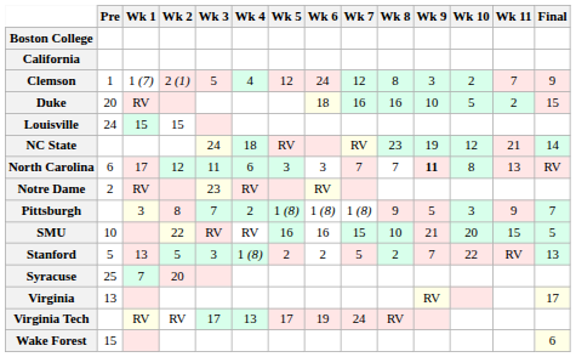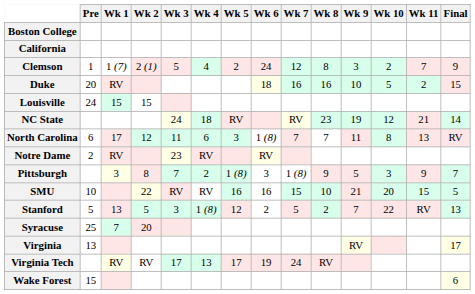 <table class="wikitable" style="white-space:nowrap;font-size:90%;">
 <tr>
 <th colspan=1 style="background:white; border-top-style:hidden; border-left-style:hidden;"> </th>
 <th>Pre <br></th>
 <th>Wk 1 <br></th>
 <th>Wk 2 <br></th>
 <th>Wk 3 <br></th>
 <th>Wk 4 <br></th>
 <th>Wk 5 <br></th>
 <th>Wk 6 <br></th>
 <th>Wk 7 <br></th>
 <th>Wk 8 <br></th>
 <th>Wk 9 <br></th>
 <th>Wk 10 <br></th>
 <th>Wk 11 <br></th>
 <th>Final <br></th>
 </tr>
 <tr style="text-align:center;">
 <th>Boston College</th>
 <td style="background:#FFF;"></td>
 <td style="background:#FFF;"></td>
 <td style="background:#FFF;"></td>
 <td style="background:#FFF;"></td>
 <td style="background:#FFF;"></td>
 <td style="background:#FFF;"></td>
 <td style="background:#FFF;"></td>
 <td style="background:#FFF;"></td>
 <td style="background:#FFF;"></td>
 <td style="background:#FFF;"></td>
 <td style="background:#FFF;"></td>
 <td style="background:#FFF;"></td>
 <td style="background:#FFF;"></td>
 </tr>
 <tr style="text-align:center;">
 <th>California</th>
 <td style="background:#FFF;"></td>
 <td style="background:#FFF;"></td>
 <td style="background:#FFF;"></td>
 <td style="background:#FFF;"></td>
 <td style="background:#FFF;"></td>
 <td style="background:#FFF;"></td>
 <td style="background:#FFF;"></td>
 <td style="background:#FFF;"></td>
 <td style="background:#FFF;"></td>
 <td style="background:#FFF;"></td>
 <td style="background:#FFF;"></td>
 <td style="background:#FFF;"></td>
 <td style="background:#FFF;"></td>
 </tr>
 <tr style="text-align:center;">
 <th>Clemson</th>
 <td style="background:#FFF;"> 1</td>
 <td style="background:#FFF;"> 1 <em>(7)</em></td>
 <td style="background:#FFE6E6;"> 2 <em>(1)</em></td>
 <td style="background:#FFE6E6;"> 5</td>
 <td style="background:#D8FFEB;"> 4</td>
-<td style="background:#FFE6E6;"> 12</td>
+<td style="background:#FFE6E6;"> 2</td>
 <td style="background:#FFE6E6;"> 24</td>
 <td style="background:#D8FFEB;"> 12</td>
 <td style="background:#D8FFEB;"> 8</td>
 <td style="background:#D8FFEB;"> 3</td>
 <td style="background:#D8FFEB;"> 2</td>
 <td style="background:#FFE6E6;"> 7</td>
 <td style="background:#FFE6E6;"> 9</td>
 </tr>
 <tr style="text-align:center;">
 <th>Duke</th>
 <td style="background:#FFF;"> 20</td>
 <td style="background:#FFE6E6;"> RV</td>
 <td style="background:#FFE6E6;"></td>
 <td style="background:#FFF;"></td>
 <td style="background:#FFF;"></td>
 <td style="background:#FFF;"></td>
 <td style="background:#FFFFE6;"> 18</td>
 <td style="background:#D8FFEB;"> 16</td>
 <td style="background:#D8FFEB;"> 16</td>
 <td style="background:#D8FFEB;"> 10</td>
 <td style="background:#D8FFEB;"> 5</td>
 <td style="background:#D8FFEB;"> 2</td>
 <td style="background:#FFE6E6;"> 15</td>
 </tr>
 <tr style="text-align:center;">
 <th>Louisville</th>
 <td style="background:#FFF;"> 24</td>
 <td style="background:#D8FFEB;"> 15</td>
 <td style="background:#FFF;"> 15</td>
 <td style="background:#FFE6E6;"></td>
 <td style="background:#FFF;"></td>
 <td style="background:#FFF;"></td>
 <td style="background:#FFF;"></td>
 <td style="background:#FFF;"></td>
 <td style="background:#FFF;"></td>
 <td style="background:#FFF;"></td>
 <td style="background:#FFF;"></td>
 <td style="background:#FFF;"></td>
 <td style="background:#FFF;"></td>
 </tr>
 <tr style="text-align:center;">
 <th>NC State</th>
 <td style="background:#FFF;"></td>
 <td style="background:#FFF;"></td>
 <td style="background:#FFF;"></td>
 <td style="background:#FFFFE6;"> 24</td>
 <td style="background:#D8FFEB;"> 18</td>
 <td style="background:#FFE6E6;"> RV</td>
 <td style="background:#FFE6E6;"></td>
 <td style="background:#FFFFE6;"> RV</td>
 <td style="background:#D8FFEB;"> 23</td>
 <td style="background:#D8FFEB;"> 19</td>
 <td style="background:#D8FFEB;"> 12</td>
 <td style="background:#FFE6E6;"> 21</td>
 <td style="background:#D8FFEB;"> 14</td>
 </tr>
 <tr style="text-align:center;">
 <th>North Carolina</th>
 <td style="background:#FFF;"> 6</td>
 <td style="background:#FFE6E6;"> 17</td>
 <td style="background:#D8FFEB;"> 12</td>
 <td style="background:#D8FFEB;"> 11</td>
 <td style="background:#D8FFEB;"> 6</td>
 <td style="background:#D8FFEB;"> 3</td>
-<td style="background:#FFF;"> 3</td>
+<td style="background:#FFF;"> 1 <em>(8)</em></td>
 <td style="background:#FFE6E6;"> 7</td>
 <td style="background:#FFF;"> 7</td>
-<td style="background:#FFE6E6;"><strong> 11</strong></td>
+<td style="background:#FFE6E6;"> 11</td>
 <td style="background:#D8FFEB;"> 8</td>
 <td style="background:#FFE6E6;"> 13</td>
 <td style="background:#FFE6E6;"> RV</td>
 </tr>
 <tr style="text-align:center;">
 <th>Notre Dame</th>
 <td style="background:#FFF;"> 2</td>
 <td style="background:#FFE6E6;"> RV</td>
 <td style="background:#FFE6E6;"></td>
 <td style="background:#FFFFE6;"> 23</td>
 <td style="background:#FFE6E6;"> RV</td>
 <td style="background:#FFE6E6;"></td>
 <td style="background:#FFFFE6;"> RV</td>
 <td style="background:#FFE6E6;"></td>
 <td style="background:#FFF;"></td>
 <td style="background:#FFF;"></td>
 <td style="background:#FFF;"></td>
 <td style="background:#FFF;"></td>
 <td style="background:#FFF;"></td>
 </tr>
 <tr style="text-align:center;">
 <th>Pittsburgh</th>
 <td style="background:#FFF;"></td>
 <td style="background:#FFFFE6;"> 3</td>
 <td style="background:#FFE6E6;"> 8</td>
 <td style="background:#D8FFEB;"> 7</td>
 <td style="background:#D8FFEB;"> 2</td>
 <td style="background:#D8FFEB;"> 1 <em>(8)</em></td>
-<td style="background:#FFF;"> 1 <em>(8)</em></td>
+<td style="background:#FFF;"> 3</td>
 <td style="background:#FFF;"> 1 <em>(8)</em></td>
 <td style="background:#FFE6E6;"> 9</td>
 <td style="background:#FFE6E6;"> 5</td>
 <td style="background:#D8FFEB;"> 3</td>
 <td style="background:#FFE6E6;"> 9</td>
 <td style="background:#D8FFEB;"> 7</td>
 </tr>
 <tr style="text-align:center;">
 <th>SMU</th>
 <td style="background:#FFF;"> 10</td>
 <td style="background:#FFE6E6;"></td>
 <td style="background:#FFFFE6;"> 22</td>
 <td style="background:#FFE6E6;"> RV</td>
 <td style="background:#FFF;"> RV</td>
 <td style="background:#D8FFEB;"> 16</td>
 <td style="background:#FFF;"> 16</td>
 <td style="background:#D8FFEB;"> 15</td>
 <td style="background:#D8FFEB;"> 10</td>
 <td style="background:#FFE6E6;"> 21</td>
 <td style="background:#D8FFEB;"> 20</td>
 <td style="background:#D8FFEB;"> 15</td>
 <td style="background:#D8FFEB;"> 5</td>
 </tr>
 <tr style="text-align:center;">
 <th>Stanford</th>
 <td style="background:#FFF;"> 5</td>
 <td style="background:#FFE6E6;"> 13</td>
 <td style="background:#D8FFEB;"> 5</td>
 <td style="background:#D8FFEB;"> 3</td>
 <td style="background:#D8FFEB;"> 1 <em>(8)</em></td>
-<td style="background:#FFE6E6;"> 2</td>
+<td style="background:#FFE6E6;"> 12</td>
 <td style="background:#FFF;"> 2</td>
 <td style="background:#FFE6E6;"> 5</td>
 <td style="background:#D8FFEB;"> 2</td>
 <td style="background:#FFE6E6;"> 7</td>
 <td style="background:#FFE6E6;"> 22</td>
 <td style="background:#FFE6E6;"> RV</td>
 <td style="background:#D8FFEB;"> 13</td>
 </tr>
 <tr style="text-align:center;">
 <th>Syracuse</th>
 <td style="background:#FFF;"> 25</td>
 <td style="background:#D8FFEB;"> 7</td>
 <td style="background:#FFE6E6;"> 20</td>
 <td style="background:#FFE6E6;"></td>
 <td style="background:#FFF;"></td>
 <td style="background:#FFF;"></td>
 <td style="background:#FFF;"></td>
 <td style="background:#FFF;"></td>
 <td style="background:#FFF;"></td>
 <td style="background:#FFF;"></td>
 <td style="background:#FFF;"></td>
 <td style="background:#FFF;"></td>
 <td style="background:#FFF;"></td>
 </tr>
 <tr style="text-align:center;">
 <th>Virginia</th>
 <td style="background:#FFF;"> 13</td>
 <td style="background:#FFE6E6;"></td>
 <td style="background:#FFF;"></td>
 <td style="background:#FFF;"></td>
 <td style="background:#FFF;"></td>
 <td style="background:#FFF;"></td>
 <td style="background:#FFF;"></td>
 <td style="background:#FFF;"></td>
 <td style="background:#FFF;"></td>
 <td style="background:#FFFFE6;"> RV</td>
 <td style="background:#FFE6E6;"></td>
 <td style="background:#FFF;"></td>
 <td style="background:#FFFFE6;"> 17</td>
 </tr>
 <tr style="text-align:center;">
 <th>Virginia Tech</th>
 <td style="background:#FFF;"></td>
 <td style="background:#FFFFE6;"> RV</td>
 <td style="background:#FFF;"> RV</td>
 <td style="background:#D8FFEB;"> 17</td>
 <td style="background:#D8FFEB;"> 13</td>
 <td style="background:#FFE6E6;"> 17</td>
 <td style="background:#FFE6E6;"> 19</td>
 <td style="background:#FFE6E6;"> 24</td>
 <td style="background:#FFE6E6;"> RV</td>
 <td style="background:#FFE6E6;"></td>
 <td style="background:#FFF;"></td>
 <td style="background:#FFF;"></td>
 <td style="background:#FFF;"></td>
 </tr>
 <tr style="text-align:center;">
 <th>Wake Forest</th>
 <td style="background:#FFF;"> 15</td>
 <td style="background:#FFE6E6;"></td>
 <td style="background:#FFF;"></td>
 <td style="background:#FFF;"></td>
 <td style="background:#FFF;"></td>
 <td style="background:#FFF;"></td>
 <td style="background:#FFF;"></td>
 <td style="background:#FFF;"></td>
 <td style="background:#FFF;"></td>
 <td style="background:#FFF;"></td>
 <td style="background:#FFF;"></td>
 <td style="background:#FFF;"></td>
 <td style="background:#FFFFE6;"> 6</td>
 </tr>
 </table>
